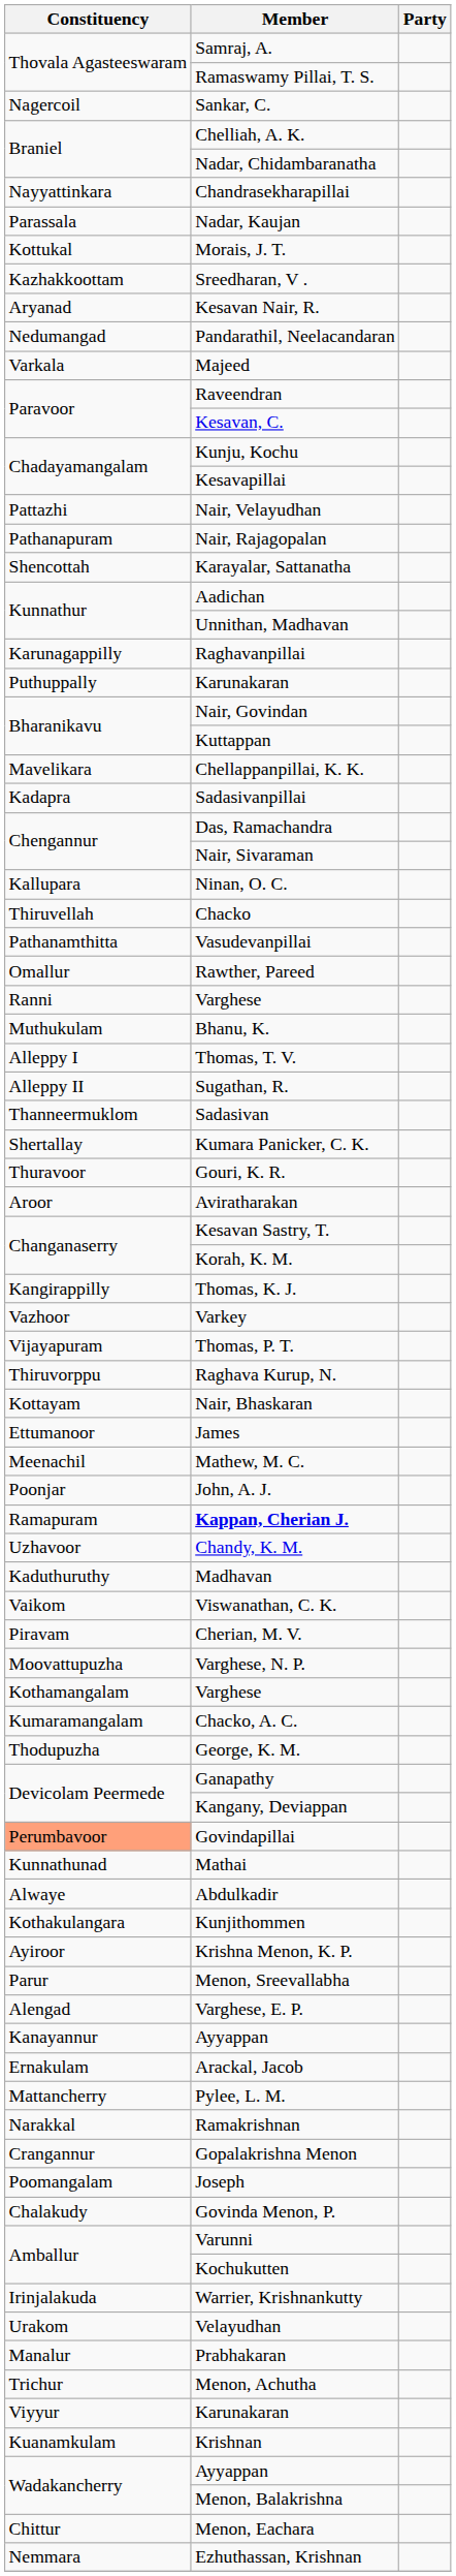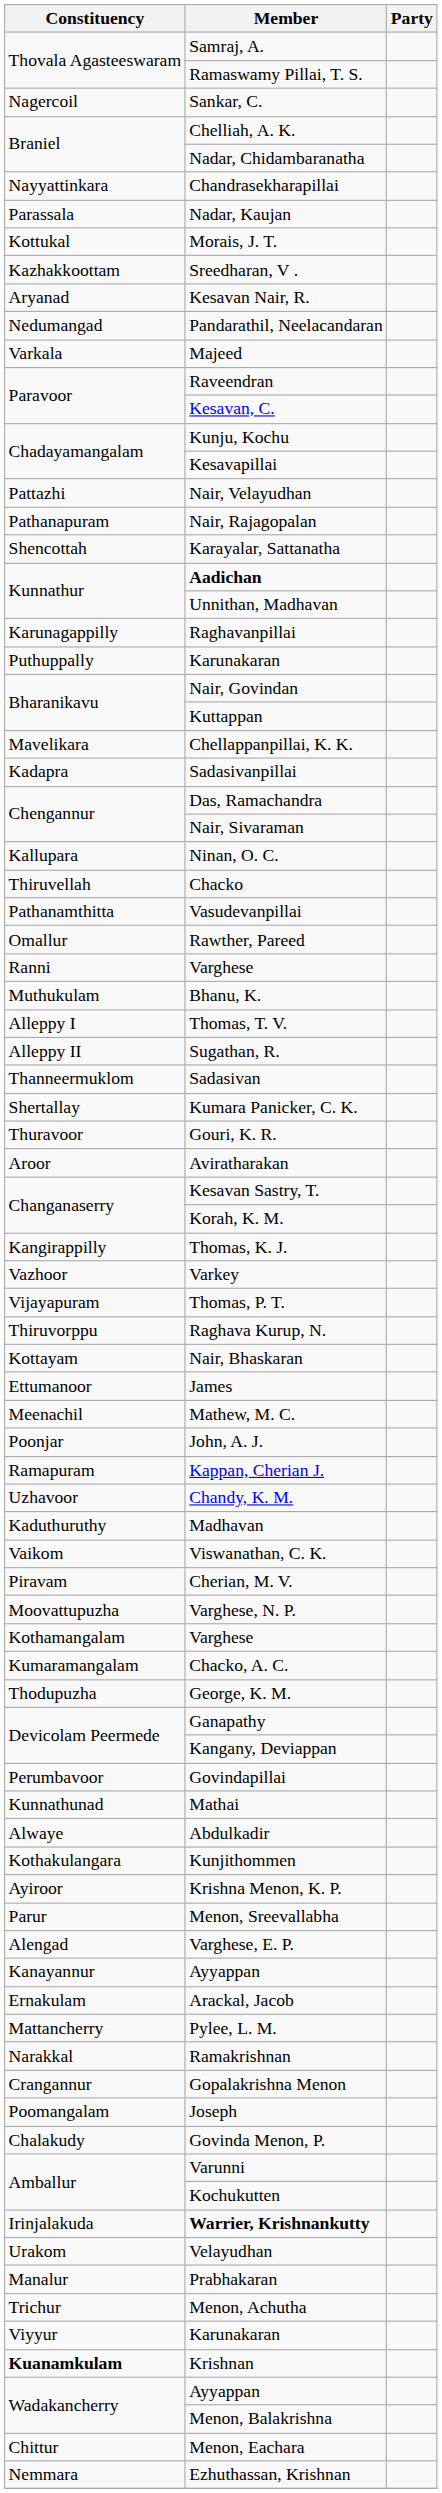 <table class="wikitable sortable">
 <tr>
 <th>Constituency</th>
 <th>Member</th>
 <th colspan=2>Party</th>
 </tr>
 <tr>
 <td rowspan=2>Thovala Agasteeswaram</td>
 <td>Samraj, A.</td>
 <td></td>
 </tr>
 <tr>
 <td>Ramaswamy Pillai, T. S.</td>
 <td></td>
 </tr>
 <tr>
 <td>Nagercoil</td>
 <td>Sankar, C.</td>
 <td></td>
 </tr>
 <tr>
 <td rowspan=2>Braniel</td>
 <td>Chelliah, A. K.</td>
 <td></td>
 </tr>
 <tr>
 <td>Nadar, Chidambaranatha</td>
 <td></td>
 </tr>
 <tr>
 <td>Nayyattinkara</td>
 <td>Chandrasekharapillai</td>
 <td></td>
 </tr>
 <tr>
 <td>Parassala</td>
 <td>Nadar, Kaujan</td>
 <td></td>
 </tr>
 <tr>
 <td>Kottukal</td>
 <td>Morais, J. T.</td>
 <td></td>
 </tr>
 <tr>
 <td>Kazhakkoottam</td>
 <td>Sreedharan, V .</td>
 <td></td>
 </tr>
 <tr>
 <td>Aryanad</td>
 <td>Kesavan Nair, R.</td>
 <td></td>
 </tr>
 <tr>
 <td>Nedumangad</td>
 <td>Pandarathil, Neelacandaran</td>
 <td></td>
 </tr>
 <tr>
 <td>Varkala</td>
 <td>Majeed</td>
 <td></td>
 </tr>
 <tr>
 <td rowspan=2>Paravoor</td>
 <td>Raveendran</td>
 <td></td>
 </tr>
 <tr>
 <td><a href='#'>Kesavan, C.</a></td>
 <td></td>
 </tr>
 <tr>
 <td rowspan=2>Chadayamangalam</td>
 <td>Kunju, Kochu</td>
 <td></td>
 </tr>
 <tr>
 <td>Kesavapillai</td>
 <td></td>
 </tr>
 <tr>
 <td>Pattazhi</td>
 <td>Nair, Velayudhan</td>
 <td></td>
 </tr>
 <tr>
 <td>Pathanapuram</td>
 <td>Nair, Rajagopalan</td>
 <td></td>
 </tr>
 <tr>
 <td>Shencottah</td>
 <td>Karayalar, Sattanatha</td>
 <td></td>
 </tr>
 <tr>
 <td rowspan=2>Kunnathur</td>
-<td>Aadichan</td>
+<td><strong>Aadichan</strong></td>
 <td></td>
 </tr>
 <tr>
 <td>Unnithan, Madhavan</td>
 <td></td>
 </tr>
 <tr>
 <td>Karunagappilly</td>
 <td>Raghavanpillai</td>
 <td></td>
 </tr>
 <tr>
 <td>Puthuppally</td>
 <td>Karunakaran</td>
 <td></td>
 </tr>
 <tr>
 <td rowspan=2>Bharanikavu</td>
 <td>Nair, Govindan</td>
 <td></td>
 </tr>
 <tr>
 <td>Kuttappan</td>
 <td></td>
 </tr>
 <tr>
 <td>Mavelikara</td>
 <td>Chellappanpillai, K. K.</td>
 <td></td>
 </tr>
 <tr>
 <td>Kadapra</td>
 <td>Sadasivanpillai</td>
 <td></td>
 </tr>
 <tr>
 <td rowspan=2>Chengannur</td>
 <td>Das, Ramachandra</td>
 <td></td>
 </tr>
 <tr>
 <td>Nair, Sivaraman</td>
 <td></td>
 </tr>
 <tr>
 <td>Kallupara</td>
 <td>Ninan, O. C.</td>
 <td></td>
 </tr>
 <tr>
 <td>Thiruvellah</td>
 <td>Chacko</td>
 <td></td>
 </tr>
 <tr>
 <td>Pathanamthitta</td>
 <td>Vasudevanpillai</td>
 <td></td>
 </tr>
 <tr>
 <td>Omallur</td>
 <td>Rawther, Pareed</td>
 <td></td>
 </tr>
 <tr>
 <td>Ranni</td>
 <td>Varghese</td>
 <td></td>
 </tr>
 <tr>
 <td>Muthukulam</td>
 <td>Bhanu, K.</td>
 <td></td>
 </tr>
 <tr>
 <td>Alleppy I</td>
 <td>Thomas, T. V.</td>
 <td></td>
 </tr>
 <tr>
 <td>Alleppy II</td>
 <td>Sugathan, R.</td>
 <td></td>
 </tr>
 <tr>
 <td>Thanneermuklom</td>
 <td>Sadasivan</td>
 <td></td>
 </tr>
 <tr>
 <td>Shertallay</td>
 <td>Kumara Panicker, C. K.</td>
 <td></td>
 </tr>
 <tr>
 <td>Thuravoor</td>
 <td>Gouri, K. R.</td>
 <td></td>
 </tr>
 <tr>
 <td>Aroor</td>
 <td>Aviratharakan</td>
 <td></td>
 </tr>
 <tr>
 <td rowspan=2>Changanaserry</td>
 <td>Kesavan Sastry, T.</td>
 <td></td>
 </tr>
 <tr>
 <td>Korah, K. M.</td>
 <td></td>
 </tr>
 <tr>
 <td>Kangirappilly</td>
 <td>Thomas, K. J.</td>
 <td></td>
 </tr>
 <tr>
 <td>Vazhoor</td>
 <td>Varkey</td>
 <td></td>
 </tr>
 <tr>
 <td>Vijayapuram</td>
 <td>Thomas, P. T.</td>
 <td></td>
 </tr>
 <tr>
 <td>Thiruvorppu</td>
 <td>Raghava Kurup, N.</td>
 <td></td>
 </tr>
 <tr>
 <td>Kottayam</td>
 <td>Nair, Bhaskaran</td>
 <td></td>
 </tr>
 <tr>
 <td>Ettumanoor</td>
 <td>James</td>
 <td></td>
 </tr>
 <tr>
 <td>Meenachil</td>
 <td>Mathew, M. C.</td>
 <td></td>
 </tr>
 <tr>
 <td>Poonjar</td>
 <td>John, A. J.</td>
 <td></td>
 </tr>
 <tr>
 <td>Ramapuram</td>
-<td><strong><a href='#'>Kappan, Cherian J.</a></strong></td>
+<td><a href='#'>Kappan, Cherian J.</a></td>
 <td></td>
 </tr>
 <tr>
 <td>Uzhavoor</td>
 <td><a href='#'>Chandy, K. M.</a></td>
 <td></td>
 </tr>
 <tr>
 <td>Kaduthuruthy</td>
 <td>Madhavan</td>
 <td></td>
 </tr>
 <tr>
 <td>Vaikom</td>
 <td>Viswanathan, C. K.</td>
 <td></td>
 </tr>
 <tr>
 <td>Piravam</td>
 <td>Cherian, M. V.</td>
 <td></td>
 </tr>
 <tr>
 <td>Moovattupuzha</td>
 <td>Varghese, N. P.</td>
 <td></td>
 </tr>
 <tr>
 <td>Kothamangalam</td>
 <td>Varghese</td>
 <td></td>
 </tr>
 <tr>
 <td>Kumaramangalam</td>
 <td>Chacko, A. C.</td>
 <td></td>
 </tr>
 <tr>
 <td>Thodupuzha</td>
 <td>George, K. M.</td>
 <td></td>
 </tr>
 <tr>
 <td rowspan=2>Devicolam Peermede</td>
 <td>Ganapathy</td>
 <td></td>
 </tr>
 <tr>
 <td>Kangany, Deviappan</td>
 <td></td>
 </tr>
 <tr>
-<td style="background: lightsalmon;">Perumbavoor</td>
+<td>Perumbavoor</td>
 <td>Govindapillai</td>
 <td></td>
 </tr>
 <tr>
 <td>Kunnathunad</td>
 <td>Mathai</td>
 <td></td>
 </tr>
 <tr>
 <td>Alwaye</td>
 <td>Abdulkadir</td>
 <td></td>
 </tr>
 <tr>
 <td>Kothakulangara</td>
 <td>Kunjithommen</td>
 <td></td>
 </tr>
 <tr>
 <td>Ayiroor</td>
 <td>Krishna Menon, K. P.</td>
 <td></td>
 </tr>
 <tr>
 <td>Parur</td>
 <td>Menon, Sreevallabha</td>
 <td></td>
 </tr>
 <tr>
 <td>Alengad</td>
 <td>Varghese, E. P.</td>
 <td></td>
 </tr>
 <tr>
 <td>Kanayannur</td>
 <td>Ayyappan</td>
 <td></td>
 </tr>
 <tr>
 <td>Ernakulam</td>
 <td>Arackal, Jacob</td>
 <td></td>
 </tr>
 <tr>
 <td>Mattancherry</td>
 <td>Pylee, L. M.</td>
 <td></td>
 </tr>
 <tr>
 <td>Narakkal</td>
 <td>Ramakrishnan</td>
 <td></td>
 </tr>
 <tr>
 <td>Crangannur</td>
 <td>Gopalakrishna Menon</td>
 <td></td>
 </tr>
 <tr>
 <td>Poomangalam</td>
 <td>Joseph</td>
 <td></td>
 </tr>
 <tr>
 <td>Chalakudy</td>
 <td>Govinda Menon, P.</td>
 <td></td>
 </tr>
 <tr>
 <td rowspan=2>Amballur</td>
 <td>Varunni</td>
 <td></td>
 </tr>
 <tr>
 <td>Kochukutten</td>
 <td></td>
 </tr>
 <tr>
 <td>Irinjalakuda</td>
-<td>Warrier, Krishnankutty</td>
+<td><strong>Warrier, Krishnankutty</strong></td>
 <td></td>
 </tr>
 <tr>
 <td>Urakom</td>
 <td>Velayudhan</td>
 <td></td>
 </tr>
 <tr>
 <td>Manalur</td>
 <td>Prabhakaran</td>
 <td></td>
 </tr>
 <tr>
 <td>Trichur</td>
 <td>Menon, Achutha</td>
 <td></td>
 </tr>
 <tr>
 <td>Viyyur</td>
 <td>Karunakaran</td>
 <td></td>
 </tr>
 <tr>
-<td>Kuanamkulam</td>
+<td><strong>Kuanamkulam</strong></td>
 <td>Krishnan</td>
 <td></td>
 </tr>
 <tr>
 <td rowspan=2>Wadakancherry</td>
 <td>Ayyappan</td>
 <td></td>
 </tr>
 <tr>
 <td>Menon, Balakrishna</td>
 <td></td>
 </tr>
 <tr>
 <td>Chittur</td>
 <td>Menon, Eachara</td>
 <td></td>
 </tr>
 <tr>
 <td>Nemmara</td>
 <td>Ezhuthassan, Krishnan</td>
 <td></td>
 </tr>
 <tr>
 </tr>
 </table>
